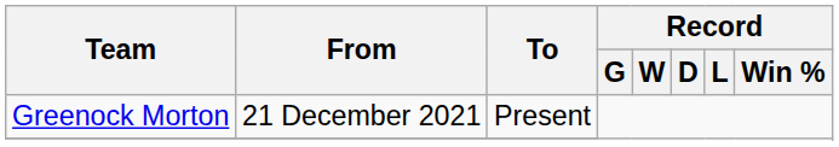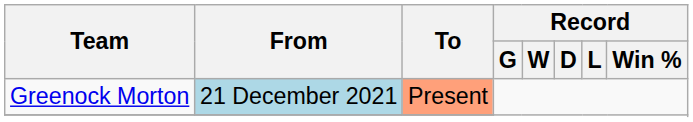 <table class="wikitable" style="text-align: center">
 <tr>
 <th rowspan="2">Team</th>
 <th rowspan="2">From</th>
 <th rowspan="2">To</th>
 <th colspan="5">Record</th>
 </tr>
 <tr>
 <th>G</th>
 <th>W</th>
 <th>D</th>
 <th>L</th>
 <th>Win %</th>
 </tr>
 <tr>
 <td align=left><a href='#'>Greenock Morton</a></td>
-<td align=left>21 December 2021</td>
-<td align=left>Present<br></td>
+<td align=left style="background: lightblue;">21 December 2021</td>
+<td align=left style="background: lightsalmon;">Present<br></td>
 </tr>
 <tr>
 </tr>
 </table>
